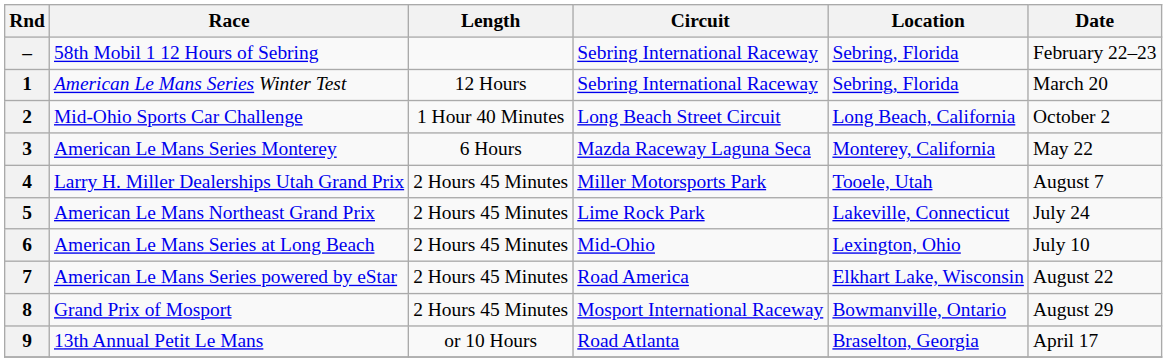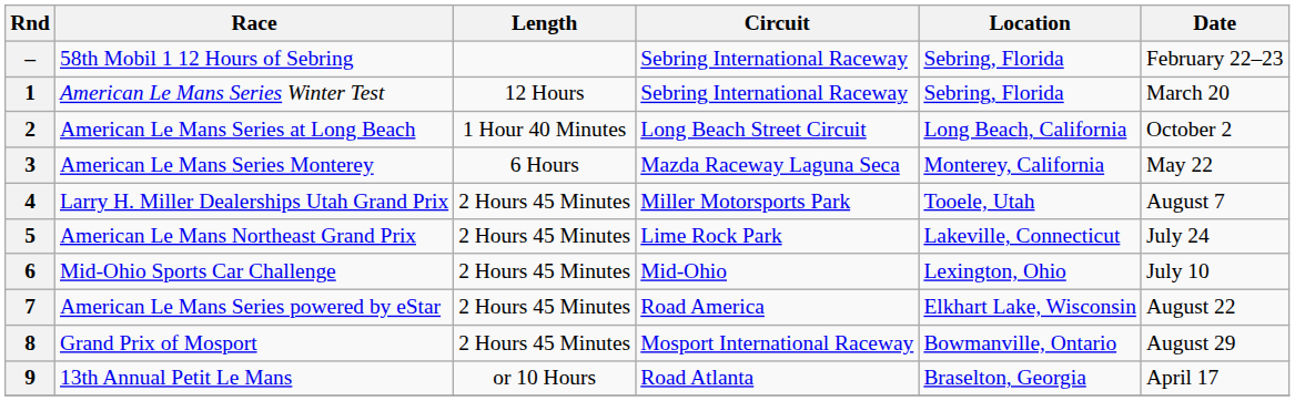 <table class="wikitable" style="font-size: 90%;">
 <tr>
 <th>Rnd</th>
 <th>Race</th>
 <th>Length</th>
 <th>Circuit</th>
 <th>Location</th>
 <th>Date</th>
 </tr>
 <tr>
 <th>–</th>
 <td><a href='#'>58th Mobil 1 12 Hours of Sebring</a></td>
 <td></td>
 <td><a href='#'>Sebring International Raceway</a></td>
 <td><a href='#'>Sebring, Florida</a></td>
 <td>February 22–23</td>
 </tr>
 <tr>
 <th>1</th>
 <td><em><a href='#'>American Le Mans Series</a> Winter Test</em></td>
 <td align="center">12 Hours</td>
 <td><a href='#'>Sebring International Raceway</a></td>
 <td><a href='#'>Sebring, Florida</a></td>
 <td>March 20</td>
 </tr>
 <tr>
 <th>2</th>
-<td><a href='#'>Mid-Ohio Sports Car Challenge</a></td>
+<td><a href='#'>American Le Mans Series at Long Beach</a></td>
 <td align="center">1 Hour 40 Minutes</td>
 <td><a href='#'>Long Beach Street Circuit</a></td>
 <td><a href='#'>Long Beach, California</a></td>
 <td>October 2</td>
 </tr>
 <tr>
 <th>3</th>
 <td><a href='#'>American Le Mans Series Monterey</a></td>
 <td align="center">6 Hours</td>
 <td><a href='#'>Mazda Raceway Laguna Seca</a></td>
 <td><a href='#'>Monterey, California</a></td>
 <td>May 22</td>
 </tr>
 <tr>
 <th>4</th>
 <td><a href='#'>Larry H. Miller Dealerships Utah Grand Prix</a></td>
 <td align="center">2 Hours 45 Minutes</td>
 <td><a href='#'>Miller Motorsports Park</a></td>
 <td><a href='#'>Tooele, Utah</a></td>
 <td>August 7</td>
 </tr>
 <tr>
 <th>5</th>
 <td><a href='#'>American Le Mans Northeast Grand Prix</a></td>
 <td align="center">2 Hours 45 Minutes</td>
 <td><a href='#'>Lime Rock Park</a></td>
 <td><a href='#'>Lakeville, Connecticut</a></td>
 <td>July 24</td>
 </tr>
 <tr>
 <th>6</th>
-<td><a href='#'>American Le Mans Series at Long Beach</a></td>
+<td><a href='#'>Mid-Ohio Sports Car Challenge</a></td>
 <td align="center">2 Hours 45 Minutes</td>
 <td><a href='#'>Mid-Ohio</a></td>
 <td><a href='#'>Lexington, Ohio</a></td>
 <td>July 10</td>
 </tr>
 <tr>
 <th>7</th>
 <td><a href='#'>American Le Mans Series powered by eStar</a></td>
 <td align="center">2 Hours 45 Minutes</td>
 <td><a href='#'>Road America</a></td>
 <td><a href='#'>Elkhart Lake, Wisconsin</a></td>
 <td>August 22</td>
 </tr>
 <tr>
 <th>8</th>
 <td><a href='#'>Grand Prix of Mosport</a></td>
 <td align="center">2 Hours 45 Minutes</td>
 <td><a href='#'>Mosport International Raceway</a></td>
 <td><a href='#'>Bowmanville, Ontario</a></td>
 <td>August 29</td>
 </tr>
 <tr>
 <th>9</th>
 <td><a href='#'>13th Annual Petit Le Mans</a></td>
 <td align="center"> or 10 Hours</td>
 <td><a href='#'>Road Atlanta</a></td>
 <td><a href='#'>Braselton, Georgia</a></td>
 <td>April 17</td>
 </tr>
 <tr>
 </tr>
 </table>
